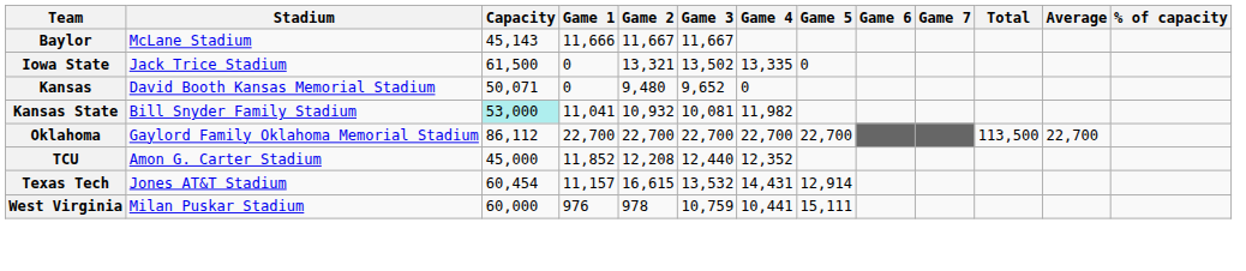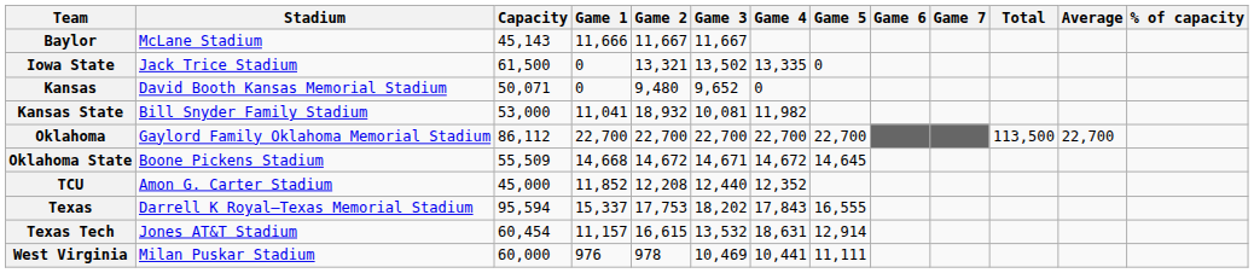 <table class="wikitable sortable">
 <tr>
 <th>Team</th>
 <th>Stadium</th>
 <th>Capacity</th>
 <th>Game 1</th>
 <th>Game 2</th>
 <th>Game 3</th>
 <th>Game 4</th>
 <th>Game 5</th>
 <th>Game 6</th>
 <th>Game 7</th>
 <th>Total</th>
 <th>Average</th>
 <th>% of capacity</th>
 </tr>
 <tr>
 <th>Baylor</th>
 <td><a href='#'>McLane Stadium</a></td>
 <td>45,143</td>
 <td>11,666</td>
 <td>11,667</td>
 <td>11,667</td>
 <td></td>
 <td></td>
 <td></td>
 <td></td>
 <td></td>
 <td></td>
 <td></td>
 </tr>
 <tr>
 <th>Iowa State</th>
 <td><a href='#'>Jack Trice Stadium</a></td>
 <td>61,500</td>
 <td>0</td>
 <td>13,321</td>
 <td>13,502</td>
 <td>13,335</td>
 <td>0</td>
 <td></td>
 <td></td>
 <td></td>
 <td></td>
 <td></td>
 </tr>
 <tr>
 <th>Kansas</th>
 <td><a href='#'>David Booth Kansas Memorial Stadium</a></td>
 <td>50,071</td>
 <td>0</td>
 <td>9,480</td>
 <td>9,652</td>
 <td>0</td>
 <td></td>
 <td></td>
 <td></td>
 <td></td>
 <td></td>
 <td></td>
 </tr>
 <tr>
 <th>Kansas State</th>
 <td><a href='#'>Bill Snyder Family Stadium</a></td>
-<td style="background: paleturquoise;">53,000</td>
+<td>53,000</td>
 <td>11,041</td>
-<td>10,932</td>
+<td>18,932</td>
 <td>10,081</td>
 <td>11,982</td>
 <td></td>
 <td></td>
 <td></td>
 <td></td>
 <td></td>
 <td></td>
 </tr>
 <tr>
 <th>Oklahoma</th>
 <td><a href='#'>Gaylord Family Oklahoma Memorial Stadium</a></td>
 <td>86,112</td>
 <td>22,700</td>
 <td>22,700</td>
 <td>22,700</td>
 <td>22,700</td>
 <td>22,700</td>
 <td style="background:#666666;"></td>
 <td style="background:#666666;"></td>
 <td>113,500</td>
 <td>22,700</td>
 <td></td>
 </tr>
 <tr>
+<th>Oklahoma State</th>
+<td><a href='#'>Boone Pickens Stadium</a></td>
+<td>55,509</td>
+<td>14,668</td>
+<td>14,672</td>
+<td>14,671</td>
+<td>14,672</td>
+<td>14,645</td>
+<td></td>
+<td></td>
+<td></td>
+<td></td>
+<td></td>
+</tr>
+<tr>
 <th>TCU</th>
 <td><a href='#'>Amon G. Carter Stadium</a></td>
 <td>45,000</td>
 <td>11,852</td>
 <td>12,208</td>
 <td>12,440</td>
 <td>12,352</td>
 <td></td>
 <td></td>
 <td></td>
 <td></td>
 <td></td>
 <td></td>
 </tr>
 <tr>
+<th>Texas</th>
+<td><a href='#'>Darrell K Royal–Texas Memorial Stadium</a></td>
+<td>95,594</td>
+<td>15,337</td>
+<td>17,753</td>
+<td>18,202</td>
+<td>17,843</td>
+<td>16,555</td>
+<td></td>
+<td></td>
+<td></td>
+<td></td>
+<td></td>
+</tr>
+<tr>
 <th>Texas Tech</th>
 <td><a href='#'>Jones AT&T Stadium</a></td>
 <td>60,454</td>
 <td>11,157</td>
 <td>16,615</td>
 <td>13,532</td>
-<td>14,431</td>
+<td>18,631</td>
 <td>12,914</td>
 <td></td>
 <td></td>
 <td></td>
 <td></td>
 <td></td>
 </tr>
 <tr>
 <th>West Virginia</th>
 <td><a href='#'>Milan Puskar Stadium</a></td>
 <td>60,000</td>
 <td>976</td>
 <td>978</td>
-<td>10,759</td>
+<td>10,469</td>
 <td>10,441</td>
-<td>15,111</td>
+<td>11,111</td>
 <td></td>
 <td></td>
 <td></td>
 <td></td>
 <td></td>
 </tr>
 </table>
